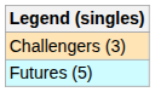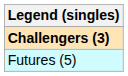 <table class="wikitable">
 <tr>
 <th>Legend (singles)</th>
 </tr>
 <tr bgcolor="#e5d1cb">
 </tr>
 <tr bgcolor="moccasin">
-<td>Challengers (3)</td>
+<td><strong>Challengers (3)</strong></td>
 </tr>
 <tr bgcolor="CFFCFF">
 <td>Futures (5)</td>
 </tr>
 </table>
